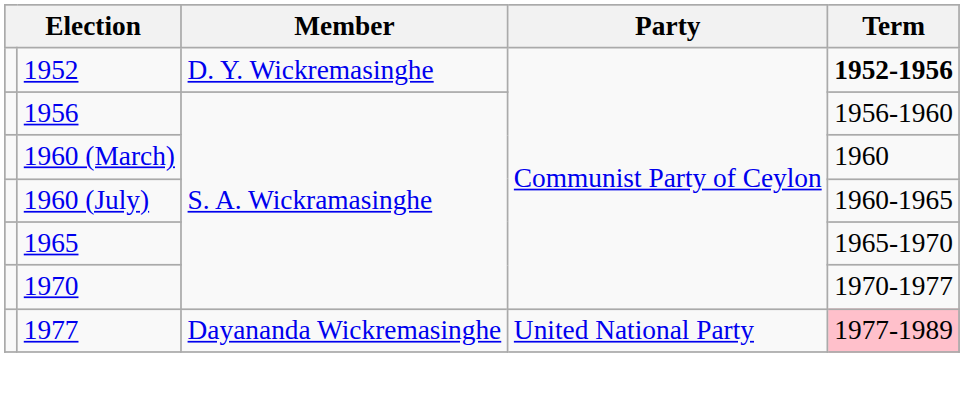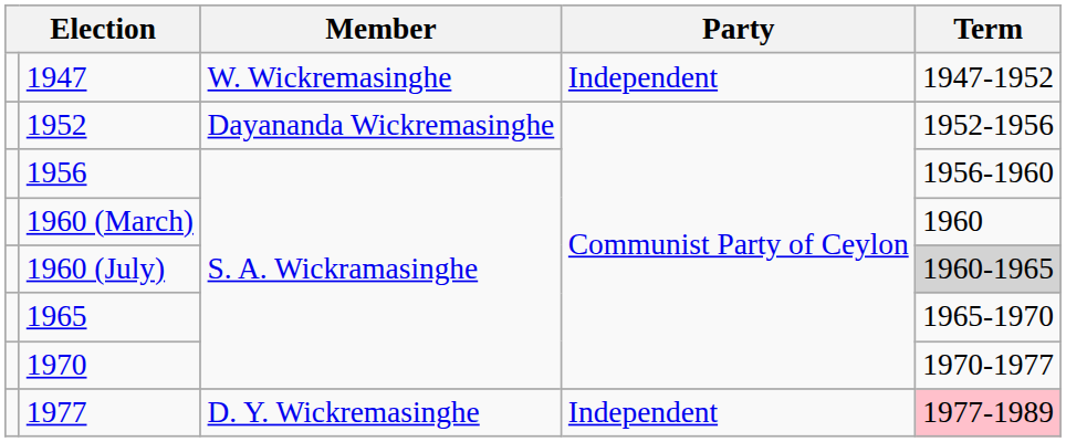 <table class="wikitable">
 <tr>
 <th colspan="2">Election</th>
 <th>Member</th>
 <th>Party</th>
 <th>Term</th>
 </tr>
 <tr>
 <td style="background-color: "></td>
+<td><a href='#'>1947</a></td>
+<td><a href='#'>W. Wickremasinghe</a></td>
+<td><a href='#'>Independent</a></td>
+<td>1947-1952</td>
+</tr>
+<tr>
+<td style="background-color: "></td>
 <td><a href='#'>1952</a></td>
-<td><a href='#'>D. Y. Wickremasinghe</a></td>
+<td><a href='#'>Dayananda Wickremasinghe</a></td>
 <td rowspan=6><a href='#'>Communist Party of Ceylon</a></td>
-<td><strong>1952-1956</strong></td>
+<td>1952-1956</td>
 </tr>
 <tr>
 <td style="background-color: "></td>
 <td><a href='#'>1956</a></td>
 <td rowspan=5><a href='#'>S. A. Wickramasinghe</a></td>
 <td>1956-1960</td>
 </tr>
 <tr>
 <td style="background-color: "></td>
 <td><a href='#'>1960 (March)</a></td>
 <td>1960</td>
 </tr>
 <tr>
 <td style="background-color: "></td>
 <td><a href='#'>1960 (July)</a></td>
-<td>1960-1965</td>
+<td style="background: lightgrey;">1960-1965</td>
 </tr>
 <tr>
 <td style="background-color: "></td>
 <td><a href='#'>1965</a></td>
 <td>1965-1970</td>
 </tr>
 <tr>
 <td style="background-color: "></td>
 <td><a href='#'>1970</a></td>
 <td>1970-1977</td>
 </tr>
 <tr>
 <td style="background-color: "></td>
 <td><a href='#'>1977</a></td>
-<td><a href='#'>Dayananda Wickremasinghe</a></td>
-<td><a href='#'>United National Party</a></td>
+<td><a href='#'>D. Y. Wickremasinghe</a></td>
+<td><a href='#'>Independent</a></td>
 <td style="background: pink;">1977-1989</td>
 </tr>
 </table>
